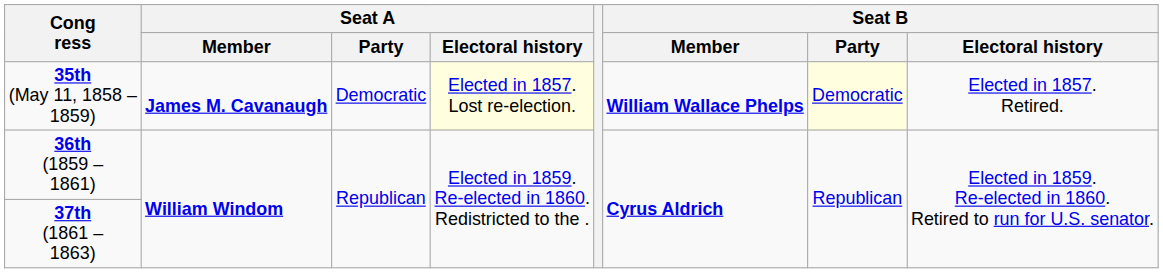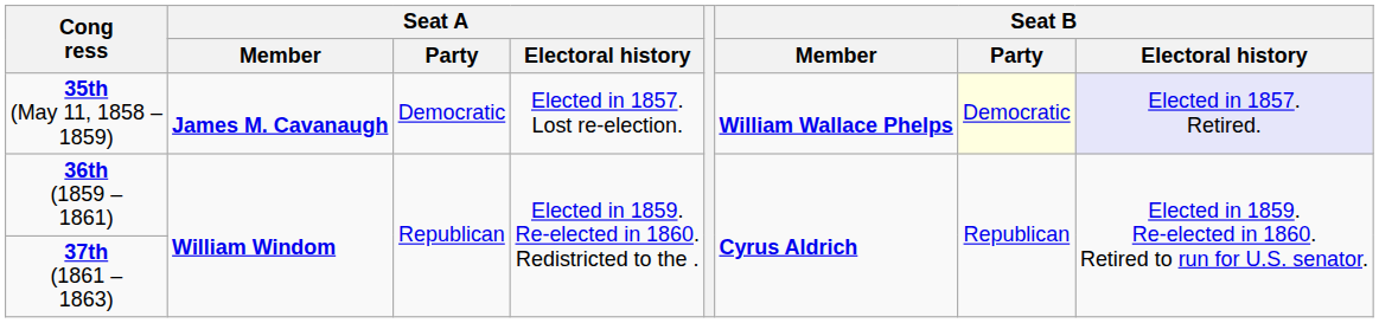 <table class=wikitable style="text-align:center">
 <tr>
 <th rowspan=2>Cong<br>ress</th>
 <th colspan=3>Seat A</th>
 <th rowspan=99></th>
 <th colspan=3>Seat B</th>
 </tr>
 <tr>
 <th>Member</th>
 <th>Party</th>
 <th>Electoral history</th>
 <th>Member</th>
 <th>Party</th>
 <th>Electoral history</th>
 </tr>
 <tr>
 <td><strong><a href='#'>35th</a></strong><br>(May 11, 1858 –<br>1859)</td>
 <td align=left><br><strong><a href='#'>James M. Cavanaugh</a></strong><br></td>
 <td><a href='#'>Democratic</a></td>
-<td style="background: lightyellow;"><a href='#'>Elected in 1857</a>.<br>Lost re-election.</td>
+<td><a href='#'>Elected in 1857</a>.<br>Lost re-election.</td>
 <td align=left><br><strong><a href='#'>William Wallace Phelps</a></strong><br></td>
 <td style="background: lightyellow;"><a href='#'>Democratic</a></td>
-<td><a href='#'>Elected in 1857</a>.<br>Retired.</td>
+<td style="background: lavender;"><a href='#'>Elected in 1857</a>.<br>Retired.</td>
 </tr>
 <tr>
 <td><strong><a href='#'>36th</a></strong><br>(1859 –<br>1861)</td>
 <td rowspan=2 align=left><br><strong><a href='#'>William Windom</a></strong><br></td>
 <td rowspan=2 ><a href='#'>Republican</a></td>
 <td rowspan=2><a href='#'>Elected in 1859</a>.<br><a href='#'>Re-elected in 1860</a>.<br>Redistricted to the .</td>
 <td rowspan=2 align=left><br><strong><a href='#'>Cyrus Aldrich</a></strong><br></td>
 <td rowspan=2 ><a href='#'>Republican</a></td>
 <td rowspan=2><a href='#'>Elected in 1859</a>.<br><a href='#'>Re-elected in 1860</a>.<br>Retired to <a href='#'>run for U.S. senator</a>.</td>
 </tr>
 <tr>
 <td><strong><a href='#'>37th</a></strong><br>(1861 –<br>1863)</td>
 </tr>
 </table>
